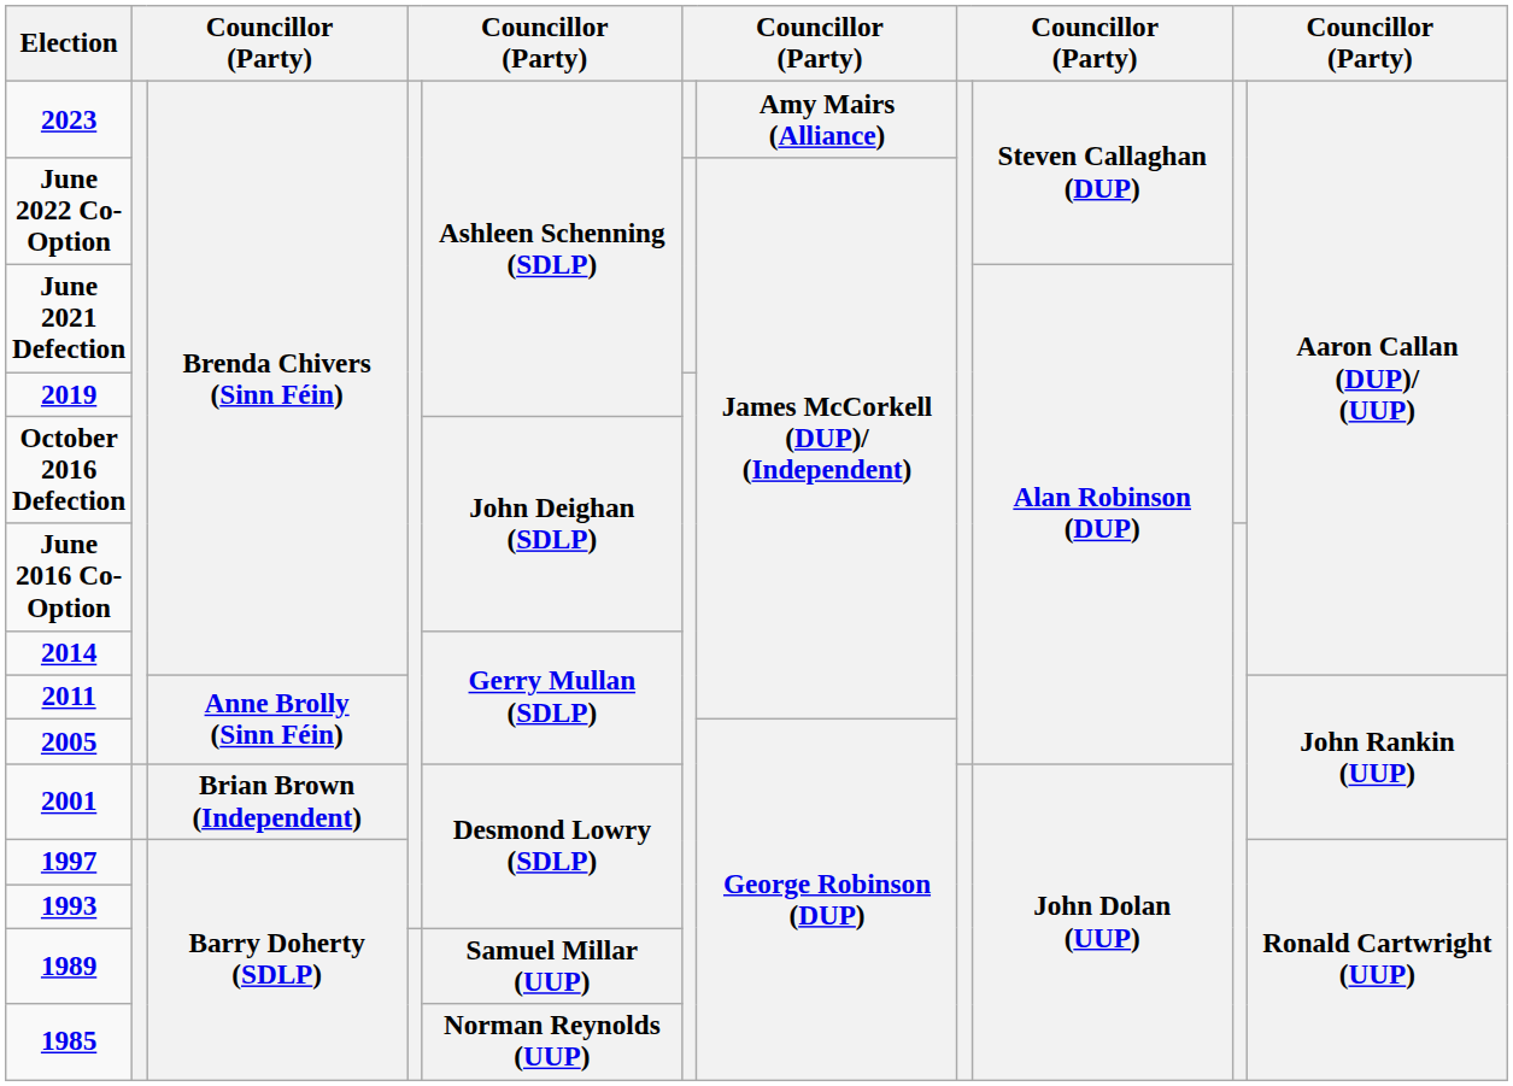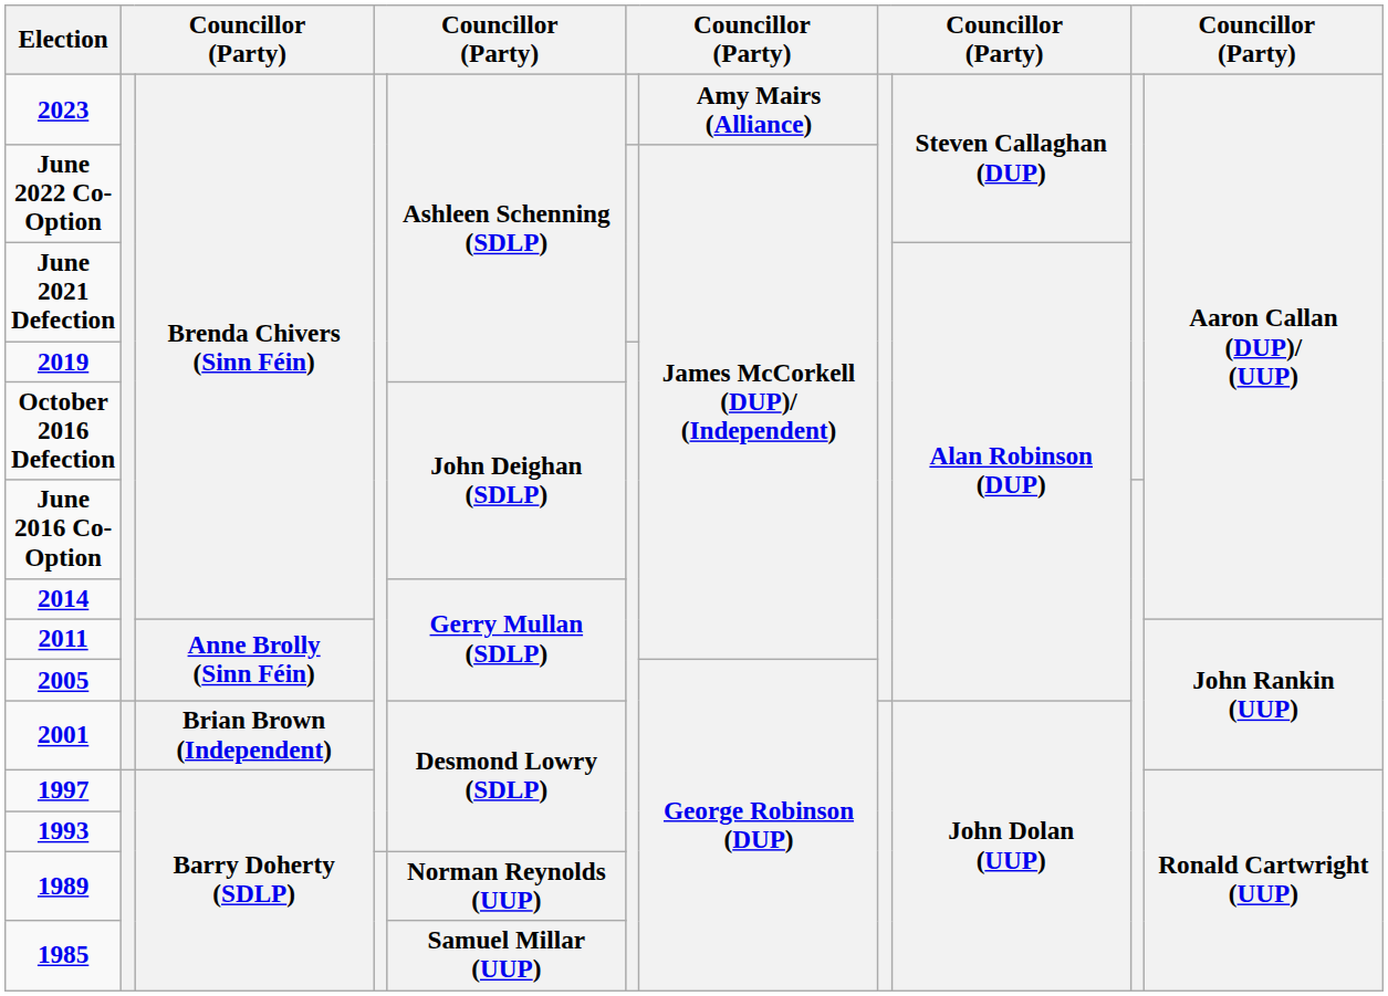 <table class="wikitable" style="text-align:center">
 <tr>
 <th scope="col" width="50">Election</th>
 <th scope="col" width="150" colspan = "2">Councillor<br> (Party)</th>
 <th scope="col" width="150" colspan = "2">Councillor<br> (Party)</th>
 <th scope="col" width="150" colspan = "2">Councillor<br> (Party)</th>
 <th scope="col" width="150" colspan = "2">Councillor<br> (Party)</th>
 <th scope="col" width="150" colspan = "2">Councillor<br> (Party)</th>
 </tr>
 <tr>
 <td><strong><a href='#'>2023</a></strong></td>
 <th rowspan="9" width="1" style="background-color: "></th>
 <th rowspan = "7">Brenda Chivers <br> (<a href='#'>Sinn Féin</a>)</th>
 <th rowspan="12" width="1" style="background-color: "></th>
 <th rowspan = "4">Ashleen Schenning <br> (<a href='#'>SDLP</a>)</th>
 <th rowspan="1" width="1" style="background-color: "></th>
 <th rowspan = "1">Amy Mairs <br> (<a href='#'>Alliance</a>)</th>
 <th rowspan="9" width="1" style="background-color: "></th>
 <th rowspan = "2">Steven Callaghan <br> (<a href='#'>DUP</a>)</th>
 <th rowspan="5" width="1" style="background-color: "></th>
 <th rowspan = "7">Aaron Callan <br> (<a href='#'>DUP</a>)/ <br> (<a href='#'>UUP</a>)</th>
 </tr>
 <tr>
 <td><strong>June 2022 Co-Option</strong></td>
 <th rowspan="2" width="1" style="background-color: "></th>
 <th rowspan = "7">James McCorkell <br> (<a href='#'>DUP</a>)/ <br> (<a href='#'>Independent</a>)</th>
 </tr>
 <tr>
 <td><strong>June 2021 Defection</strong></td>
 <th rowspan = "7"><a href='#'>Alan Robinson</a> <br> (<a href='#'>DUP</a>)</th>
 </tr>
 <tr>
 <td><strong><a href='#'>2019</a></strong></td>
 <th rowspan="11" width="1" style="background-color: "></th>
 </tr>
 <tr>
 <td><strong>October 2016 Defection</strong></td>
 <th rowspan = "2">John Deighan <br> (<a href='#'>SDLP</a>)</th>
 </tr>
 <tr>
 <td><strong>June 2016 Co-Option</strong></td>
 <th rowspan="9" width="1" style="background-color: "></th>
 </tr>
 <tr>
 <td><strong><a href='#'>2014</a></strong></td>
 <th rowspan = "3"><a href='#'>Gerry Mullan</a> <br> (<a href='#'>SDLP</a>)</th>
 </tr>
 <tr>
 <td><strong><a href='#'>2011</a></strong></td>
 <th rowspan = "2"><a href='#'>Anne Brolly</a> <br> (<a href='#'>Sinn Féin</a>)</th>
 <th rowspan = "3">John Rankin <br> (<a href='#'>UUP</a>)</th>
 </tr>
 <tr>
 <td><strong><a href='#'>2005</a></strong></td>
 <th rowspan = "6"><a href='#'>George Robinson</a> <br> (<a href='#'>DUP</a>)</th>
 </tr>
 <tr>
 <td><strong><a href='#'>2001</a></strong></td>
 <th rowspan="1" width="1" style="background-color: "></th>
 <th rowspan = "1">Brian Brown <br> (<a href='#'>Independent</a>)</th>
 <th rowspan = "3">Desmond Lowry <br> (<a href='#'>SDLP</a>)</th>
 <th rowspan="5" width="1" style="background-color: "></th>
 <th rowspan = "5">John Dolan <br> (<a href='#'>UUP</a>)</th>
 </tr>
 <tr>
 <td><strong><a href='#'>1997</a></strong></td>
 <th rowspan="4" width="1" style="background-color: "></th>
 <th rowspan = "4">Barry Doherty <br> (<a href='#'>SDLP</a>)</th>
 <th rowspan = "4">Ronald Cartwright <br> (<a href='#'>UUP</a>)</th>
 </tr>
 <tr>
 <td><strong><a href='#'>1993</a></strong></td>
 </tr>
 <tr>
 <td><strong><a href='#'>1989</a></strong></td>
 <th rowspan="2" width="1" style="background-color: "></th>
-<th rowspan = "1">Samuel Millar <br> (<a href='#'>UUP</a>)</th>
+<th rowspan = "1">Norman Reynolds <br> (<a href='#'>UUP</a>)</th>
 </tr>
 <tr>
 <td><strong><a href='#'>1985</a></strong></td>
-<th rowspan = "1">Norman Reynolds <br> (<a href='#'>UUP</a>)</th>
+<th rowspan = "1">Samuel Millar <br> (<a href='#'>UUP</a>)</th>
 </tr>
 <tr>
 </tr>
 </table>
